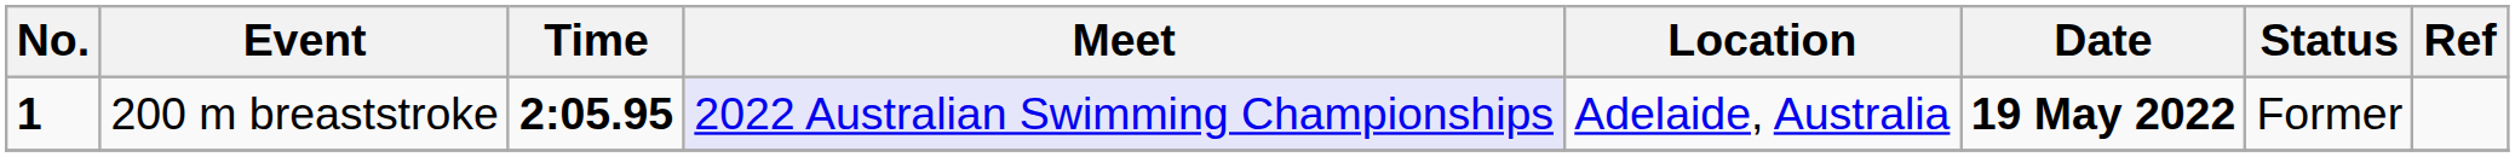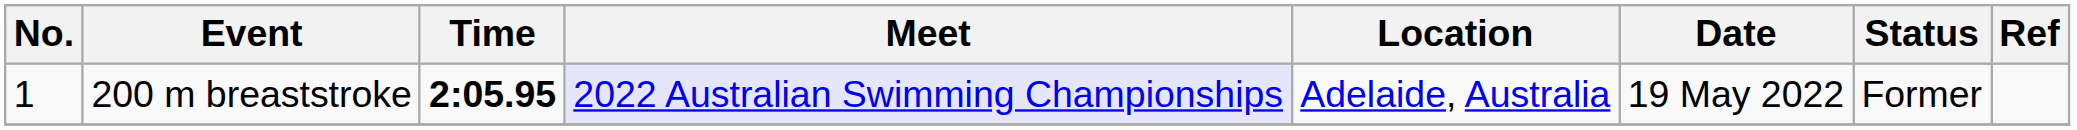 <table class="wikitable sortable">
 <tr>
 <th>No.</th>
 <th>Event</th>
 <th>Time</th>
 <th>Meet</th>
 <th>Location</th>
 <th>Date</th>
 <th>Status</th>
 <th>Ref</th>
 </tr>
 <tr>
-<td><strong>1</strong></td>
+<td>1</td>
 <td>200 m breaststroke</td>
 <td align="center"><strong>2:05.95</strong></td>
 <td style="background: lavender;"><a href='#'>2022 Australian Swimming Championships</a></td>
 <td><a href='#'>Adelaide</a>, <a href='#'>Australia</a></td>
-<td align="center"><strong>19 May 2022</strong></td>
+<td align="center">19 May 2022</td>
 <td align="center">Former</td>
 <td align="center"></td>
 </tr>
 <tr>
 </tr>
 </table>
